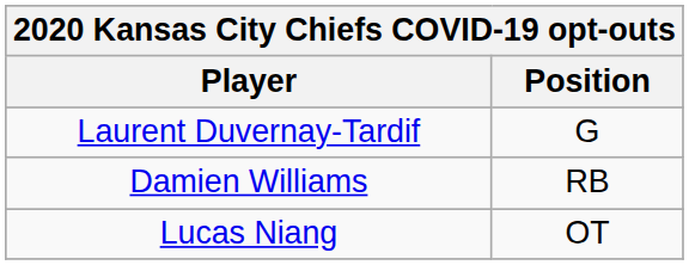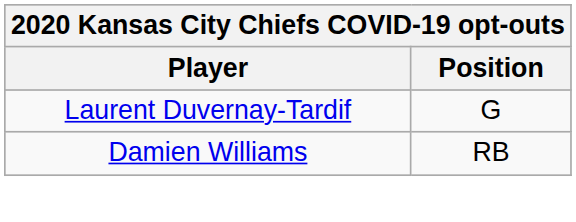 <table class="wikitable" style="text-align:center">
 <tr>
 <th colspan=2>2020 Kansas City Chiefs COVID-19 opt-outs</th>
 </tr>
 <tr>
 <th>Player</th>
 <th>Position</th>
 </tr>
 <tr>
 <td><a href='#'>Laurent Duvernay-Tardif</a></td>
 <td>G</td>
 </tr>
 <tr>
 <td><a href='#'>Damien Williams</a></td>
 <td>RB</td>
 </tr>
-<tr>
-<td><a href='#'>Lucas Niang</a></td>
-<td>OT</td>
-</tr>
 </table>
